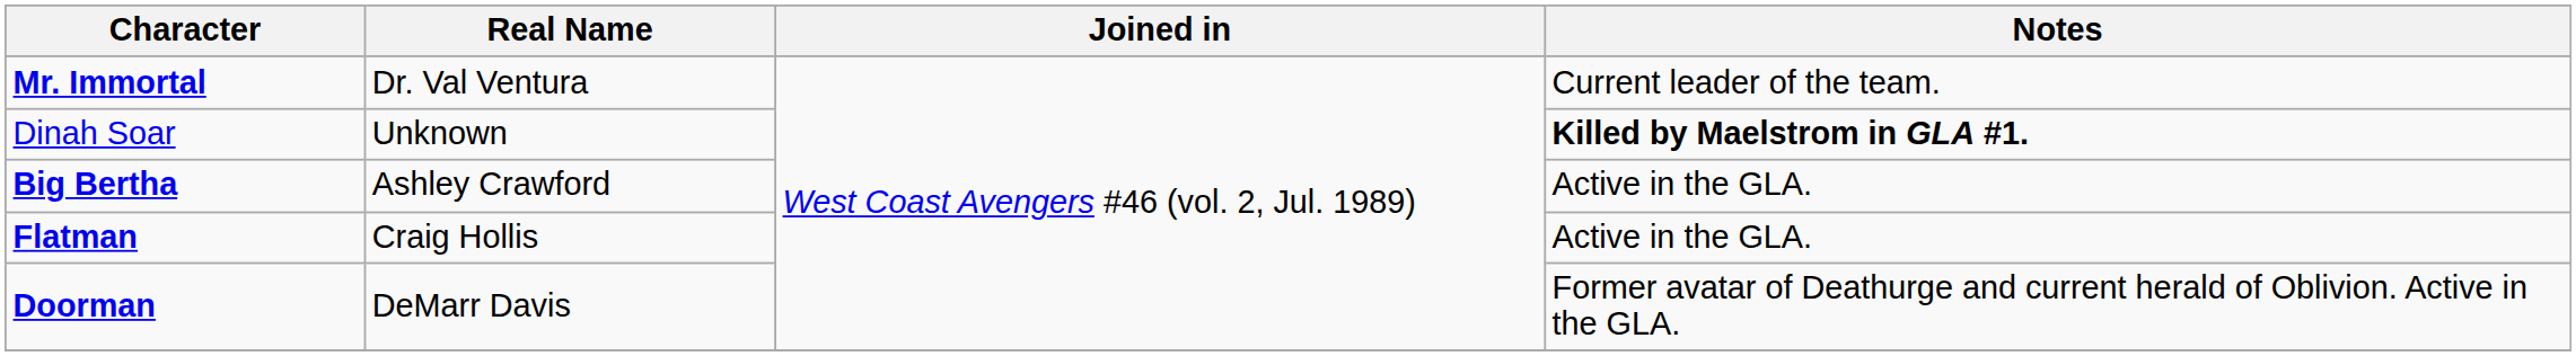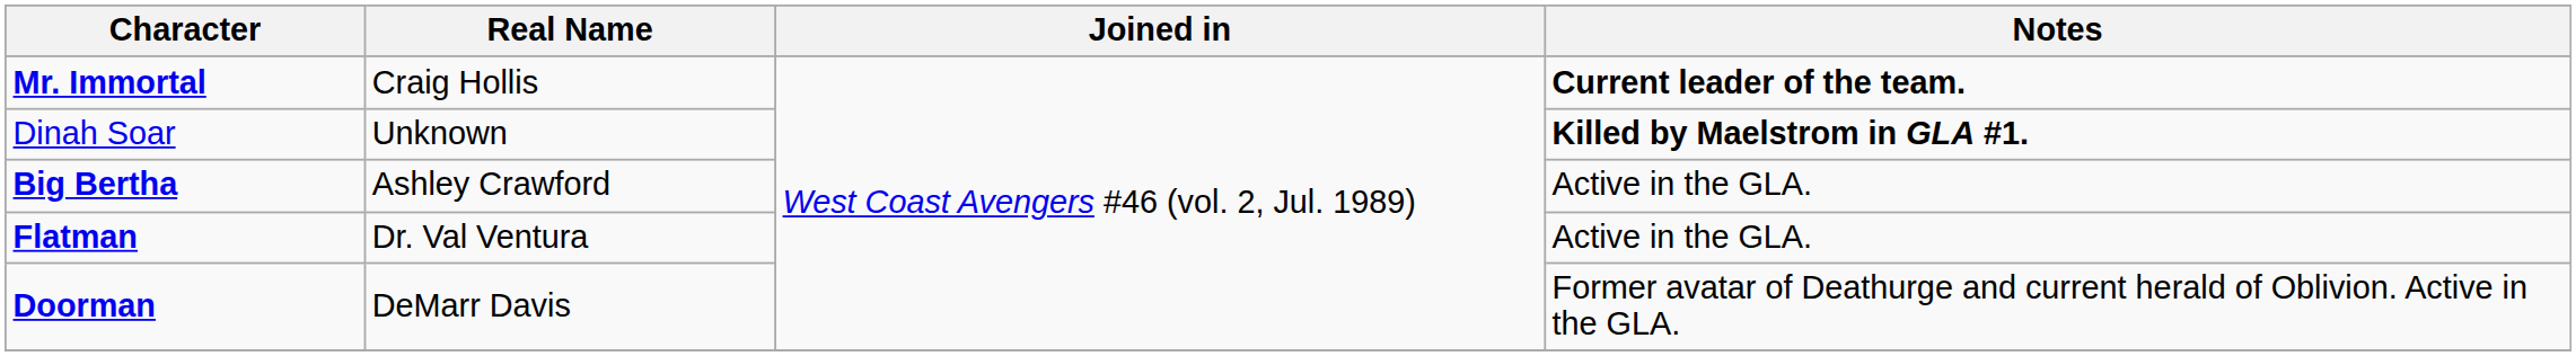 <table class="wikitable" width=100%>
 <tr>
 <th width=14%>Character</th>
 <th width=16%>Real Name</th>
 <th width=30%>Joined in</th>
 <th width=40%>Notes</th>
 </tr>
 <tr>
 <td><strong><a href='#'>Mr. Immortal</a></strong></td>
-<td>Dr. Val Ventura</td>
+<td>Craig Hollis</td>
 <td rowspan="5"><em><a href='#'>West Coast Avengers</a></em> #46 (vol. 2, Jul. 1989)</td>
-<td>Current leader of the team.</td>
+<td><strong>Current leader of the team.</strong></td>
 </tr>
 <tr>
 <td><a href='#'>Dinah Soar</a></td>
 <td>Unknown</td>
 <td><strong>Killed by Maelstrom in <em>GLA</em> #1.</strong></td>
 </tr>
 <tr>
 <td><strong><a href='#'>Big Bertha</a></strong></td>
 <td>Ashley Crawford</td>
 <td>Active in the GLA.</td>
 </tr>
 <tr>
 <td><strong><a href='#'>Flatman</a></strong></td>
-<td>Craig Hollis</td>
+<td>Dr. Val Ventura</td>
 <td>Active in the GLA.</td>
 </tr>
 <tr>
 <td><strong><a href='#'>Doorman</a></strong></td>
 <td>DeMarr Davis</td>
 <td>Former avatar of Deathurge and current herald of Oblivion. Active in the GLA.</td>
 </tr>
 <tr>
 </tr>
 </table>
